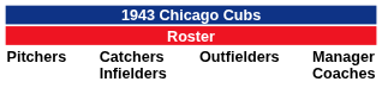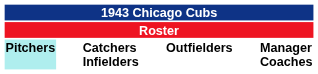 <table class="toccolours" style="font-size: 95%;">
 <tr>
 <th colspan="10" style="background-color: #0e3386; color: white; text-align: center;">1943 Chicago Cubs</th>
 </tr>
 <tr>
 <td colspan="10" style="background-color: #EE1422; color: white; text-align: center;"><strong>Roster</strong></td>
 </tr>
 <tr>
-<td valign="top"><strong>Pitchers</strong><br>              </td>
+<td valign="top" style="background: paleturquoise;"><strong>Pitchers</strong><br>              </td>
 <td width="25px"></td>
 <td valign="top"><strong>Catchers</strong><br>      <strong>Infielders</strong>         </td>
 <td width="25px"></td>
 <td valign="top"><strong>Outfielders</strong><br>         </td>
 <td width="25px"></td>
 <td valign="top"><strong>Manager</strong><br> <strong>Coaches</strong>  </td>
 </tr>
 <tr>
 </tr>
 </table>
